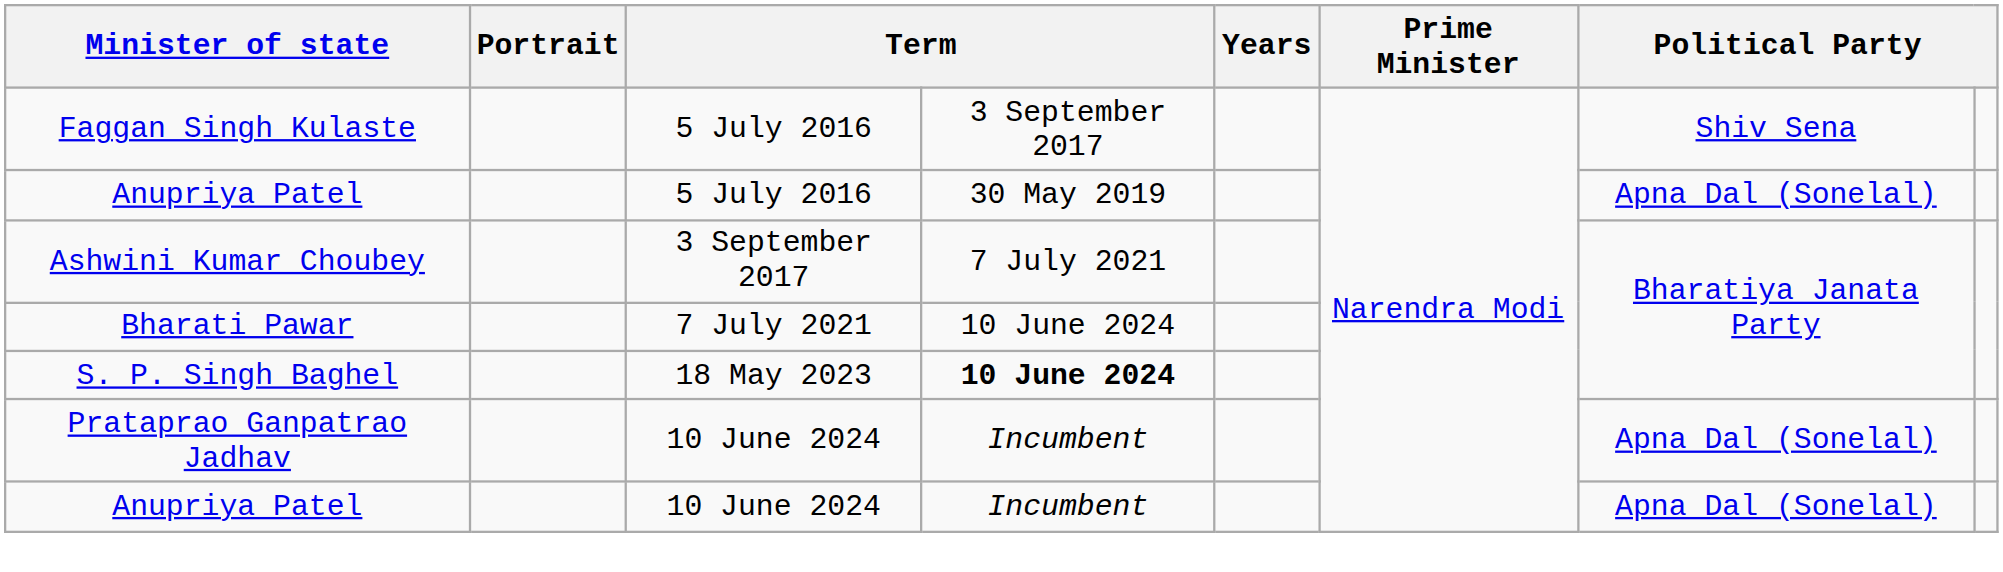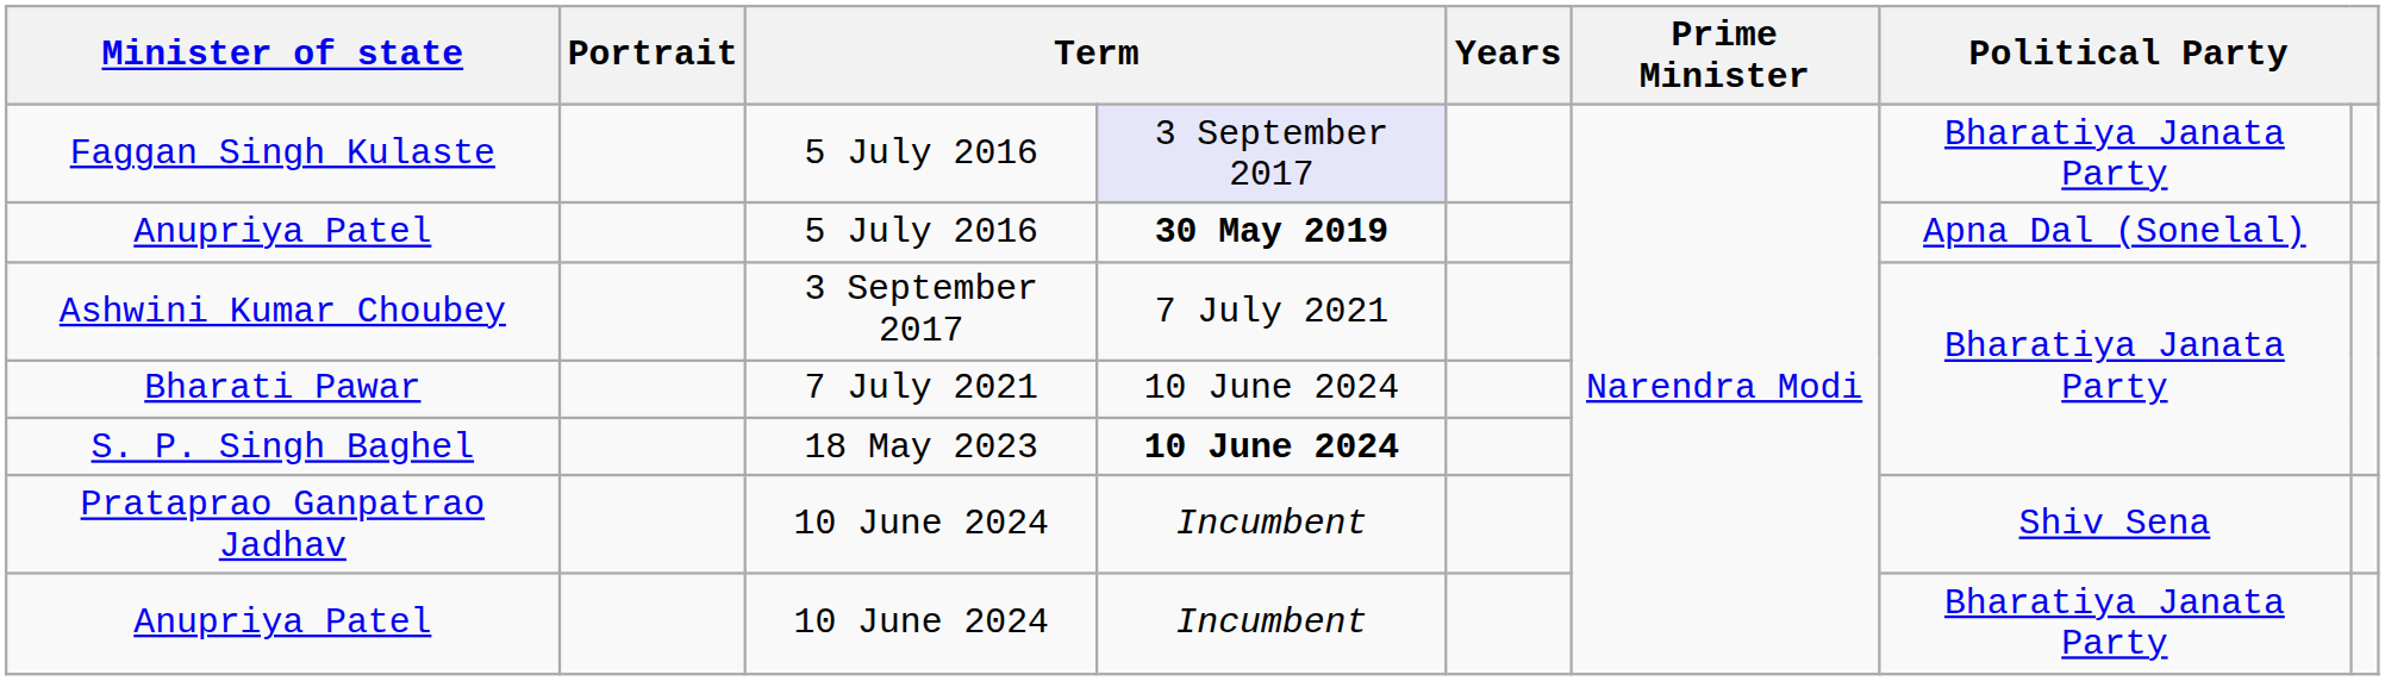 <table class="wikitable sortable mw-collapsible">
 <tr>
 <th><a href='#'>Minister of state</a></th>
 <th>Portrait</th>
 <th colspan="2">Term</th>
 <th>Years</th>
 <th>Prime Minister</th>
 <th colspan=2>Political Party</th>
 </tr>
 <tr align=center>
 <td><a href='#'>Faggan Singh Kulaste</a></td>
 <td></td>
 <td>5 July 2016</td>
-<td>3 September 2017</td>
+<td style="background: lavender;">3 September 2017</td>
 <td></td>
 <td rowspan="7"><a href='#'>Narendra Modi</a></td>
-<td><a href='#'>Shiv Sena</a></td>
+<td><a href='#'>Bharatiya Janata Party</a></td>
 <td rowspan="1" width="4px"></td>
 </tr>
 <tr align=center>
 <td><a href='#'>Anupriya Patel</a></td>
 <td></td>
 <td>5 July 2016</td>
-<td>30 May 2019</td>
+<td><strong>30 May 2019</strong></td>
 <td></td>
 <td><a href='#'>Apna Dal (Sonelal)</a></td>
 <td rowspan="1" width="4px"></td>
 </tr>
 <tr align=center>
 <td><a href='#'>Ashwini Kumar Choubey</a></td>
 <td></td>
 <td>3 September 2017</td>
 <td>7 July 2021</td>
 <td></td>
 <td rowspan="3"><a href='#'>Bharatiya Janata Party</a></td>
 <td rowspan="3" width="4px"></td>
 </tr>
 <tr align=center>
 <td><a href='#'>Bharati Pawar</a></td>
 <td></td>
 <td>7 July 2021</td>
 <td>10 June 2024</td>
 <td></td>
 </tr>
 <tr align=center>
 <td><a href='#'>S. P. Singh Baghel</a></td>
 <td></td>
 <td>18 May 2023</td>
 <td><strong>10 June 2024</strong></td>
 <td></td>
 </tr>
 <tr align=center>
 <td><a href='#'>Prataprao Ganpatrao Jadhav</a></td>
 <td></td>
 <td>10 June 2024</td>
 <td><em>Incumbent</em></td>
 <td></td>
-<td><a href='#'>Apna Dal (Sonelal)</a></td>
+<td><a href='#'>Shiv Sena</a></td>
 <td rowspan="1" width="4px"></td>
 </tr>
 <tr align=center>
 <td><a href='#'>Anupriya Patel</a></td>
 <td></td>
 <td>10 June 2024</td>
 <td><em>Incumbent</em></td>
 <td></td>
-<td><a href='#'>Apna Dal (Sonelal)</a></td>
+<td><a href='#'>Bharatiya Janata Party</a></td>
 <td rowspan="1" width="4px"></td>
 </tr>
 </table>
